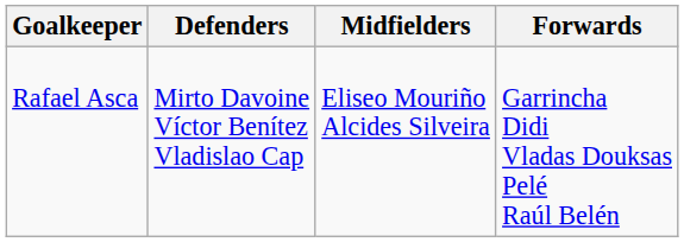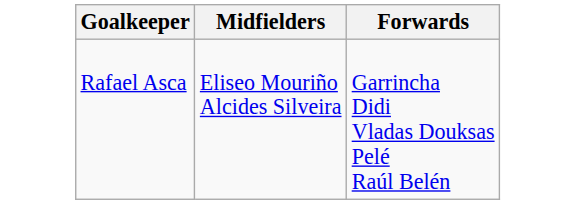 <table class="wikitable" style="mArgin: 0 auto;">
 <tr>
 <th>Goalkeeper</th>
-<th>Defenders</th>
 <th>Midfielders</th>
 <th>Forwards</th>
 </tr>
 <tr>
 <td valign=top><br> <a href='#'>Rafael Asca</a></td>
-<td valign=top><br> <a href='#'>Mirto Davoine</a><br>  <a href='#'>Víctor Benítez</a><br>  <a href='#'>Vladislao Cap</a><br></td>
 <td valign=top><br> <a href='#'>Eliseo Mouriño</a><br>  <a href='#'>Alcides Silveira</a></td>
 <td valign=top><br> <a href='#'>Garrincha</a><br>  <a href='#'>Didi</a><br>  <a href='#'>Vladas Douksas</a><br>  <a href='#'>Pelé</a><br>  <a href='#'>Raúl Belén</a></td>
 </tr>
 </table>
